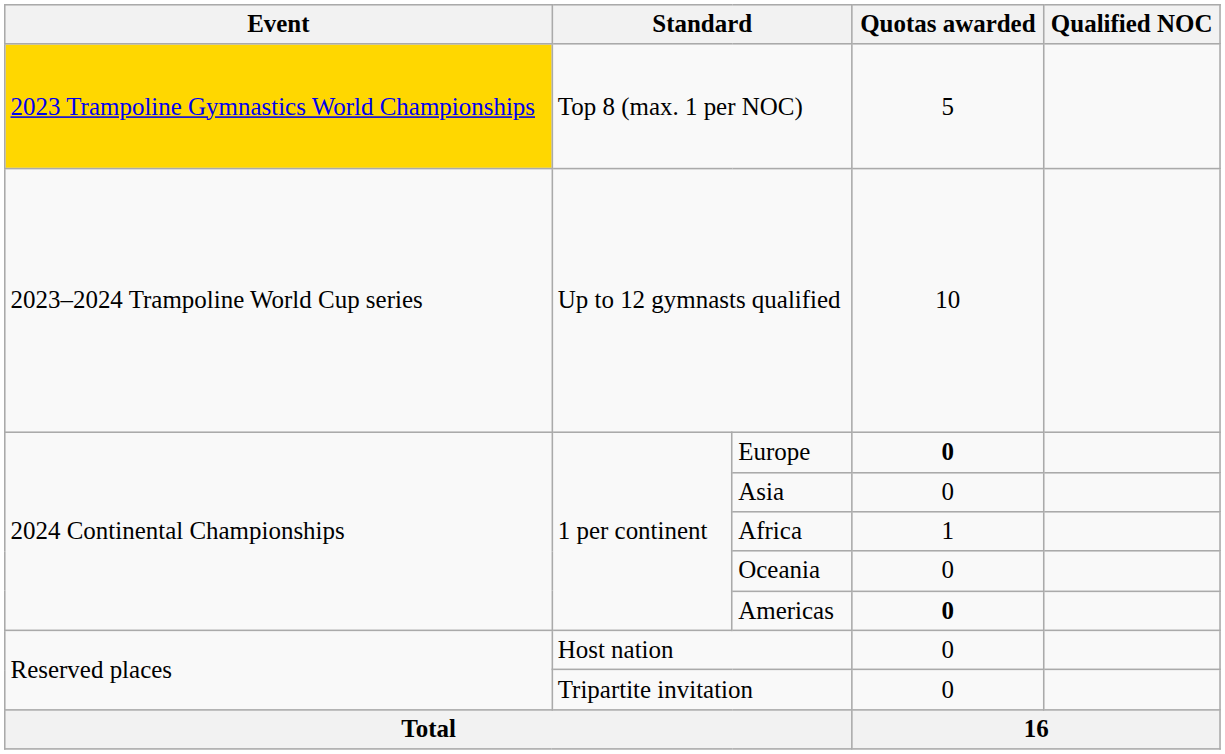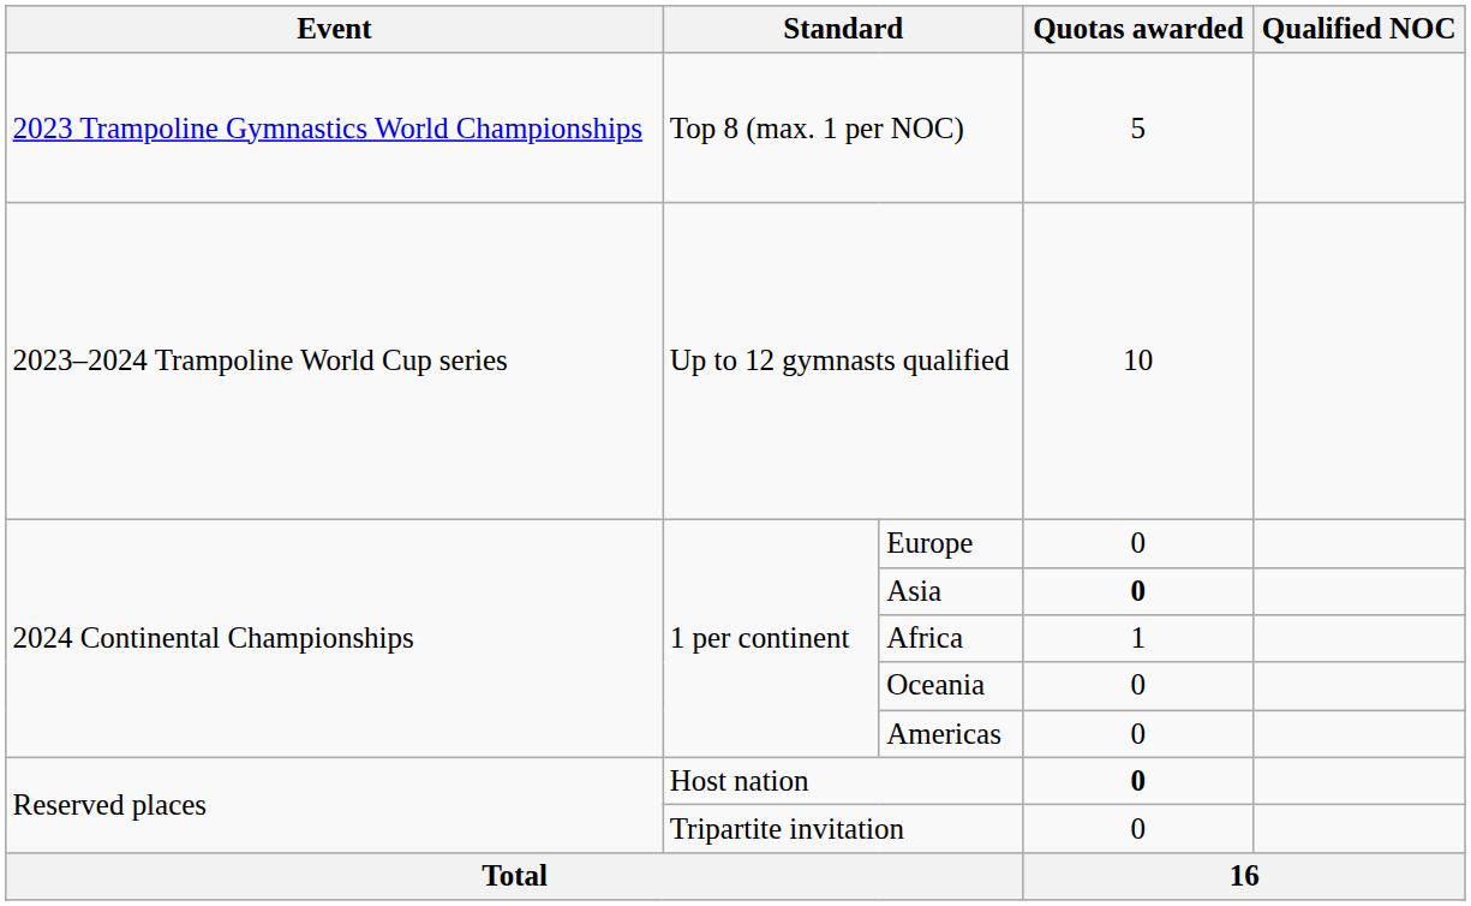 <table class="wikitable" style="width:780px;">
 <tr>
 <th>Event</th>
 <th colspan=2>Standard</th>
 <th>Quotas awarded</th>
 <th>Qualified NOC</th>
 </tr>
 <tr>
-<td style="background: gold;"><a href='#'>2023 Trampoline Gymnastics World Championships</a></td>
+<td><a href='#'>2023 Trampoline Gymnastics World Championships</a></td>
 <td colspan=2>Top 8 (max. 1 per NOC)</td>
 <td align=center>5</td>
 <td colspan=2><br><br><br><br></td>
 </tr>
 <tr>
 <td>2023–2024 Trampoline World Cup series</td>
 <td colspan=2>Up to 12 gymnasts qualified</td>
 <td align=center>10</td>
 <td colspan=2><br><br><br><br><br><br><br><br><br></td>
 </tr>
 <tr>
 <td rowspan=5>2024 Continental Championships</td>
 <td rowspan=5>1 per continent</td>
 <td>Europe</td>
-<td align=center><strong>0</strong></td>
+<td align=center>0</td>
 <td></td>
 </tr>
 <tr>
 <td>Asia</td>
-<td align=center>0</td>
+<td align=center><strong>0</strong></td>
 <td></td>
 </tr>
 <tr>
 <td>Africa</td>
 <td align=center>1</td>
 <td></td>
 </tr>
 <tr>
 <td>Oceania</td>
 <td align=center>0</td>
 <td></td>
 </tr>
 <tr>
 <td>Americas</td>
-<td align=center><strong>0</strong></td>
+<td align=center>0</td>
 <td></td>
 </tr>
 <tr>
 <td rowspan=2>Reserved places</td>
 <td colspan=2>Host nation</td>
-<td align=center>0</td>
+<td align=center><strong>0</strong></td>
 <td></td>
 </tr>
 <tr>
 <td colspan=2>Tripartite invitation</td>
 <td align=center>0</td>
 <td></td>
 </tr>
 <tr>
 <th colspan="3">Total</th>
 <th colspan=3>16</th>
 </tr>
 </table>
